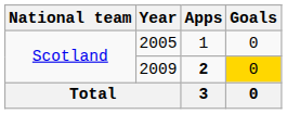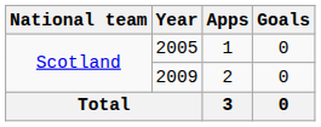 <table class=wikitable style="text-align: center">
 <tr>
 <th>National team</th>
 <th>Year</th>
 <th>Apps</th>
 <th>Goals</th>
 </tr>
 <tr>
 <td rowspan=2><a href='#'>Scotland</a></td>
 <td>2005</td>
 <td>1</td>
 <td>0</td>
 </tr>
 <tr>
 <td>2009</td>
-<td><strong>2</strong></td>
-<td style="background: gold;">0</td>
+<td>2</td>
+<td>0</td>
 </tr>
 <tr>
 <th colspan=2>Total</th>
 <th>3</th>
 <th>0</th>
 </tr>
 </table>
